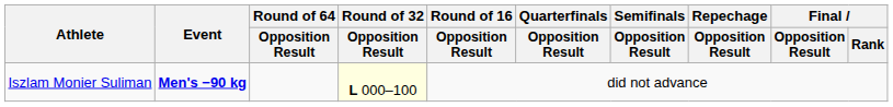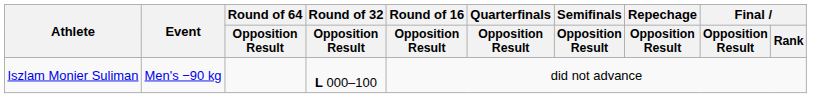 <table class="wikitable" style="font-size:90%">
 <tr>
 <th rowspan=2>Athlete</th>
 <th rowspan=2>Event</th>
 <th>Round of 64</th>
 <th>Round of 32</th>
 <th>Round of 16</th>
 <th>Quarterfinals</th>
 <th>Semifinals</th>
 <th>Repechage</th>
 <th colspan=2>Final / </th>
 </tr>
 <tr style="font-size:95%">
 <th>Opposition<br>Result</th>
 <th>Opposition<br>Result</th>
 <th>Opposition<br>Result</th>
 <th>Opposition<br>Result</th>
 <th>Opposition<br>Result</th>
 <th>Opposition<br>Result</th>
 <th>Opposition<br>Result</th>
 <th>Rank</th>
 </tr>
 <tr align=center>
 <td align=left><a href='#'>Iszlam Monier Suliman</a></td>
-<td align=left><strong><a href='#'>Men's −90 kg</a></strong></td>
+<td align=left><a href='#'>Men's −90 kg</a></td>
 <td></td>
-<td style="background: lightyellow;"><br><strong>L</strong> 000–100</td>
+<td><br><strong>L</strong> 000–100</td>
 <td colspan=6>did not advance</td>
 </tr>
 </table>
